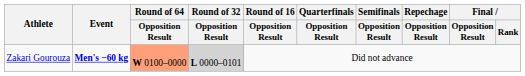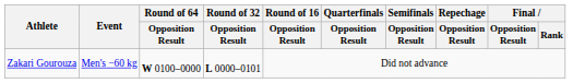 <table class="wikitable" style="font-size:90%">
 <tr>
 <th rowspan="2">Athlete</th>
 <th rowspan="2">Event</th>
 <th>Round of 64</th>
 <th>Round of 32</th>
 <th>Round of 16</th>
 <th>Quarterfinals</th>
 <th>Semifinals</th>
 <th>Repechage</th>
 <th colspan=2>Final / </th>
 </tr>
 <tr style="font-size:95%">
 <th>Opposition<br>Result</th>
 <th>Opposition<br>Result</th>
 <th>Opposition<br>Result</th>
 <th>Opposition<br>Result</th>
 <th>Opposition<br>Result</th>
 <th>Opposition<br>Result</th>
 <th>Opposition<br>Result</th>
 <th>Rank</th>
 </tr>
 <tr align=center>
 <td align=left><a href='#'>Zakari Gourouza</a></td>
-<td align=left><strong><a href='#'>Men's −60 kg</a></strong></td>
-<td style="background: lightsalmon;"><br><strong>W</strong> 0100–0000</td>
-<td style="background: lightgrey;"><br><strong>L</strong> 0000–0101</td>
+<td align=left><a href='#'>Men's −60 kg</a></td>
+<td><br><strong>W</strong> 0100–0000</td>
+<td><br><strong>L</strong> 0000–0101</td>
 <td colspan=6>Did not advance</td>
 </tr>
 </table>
